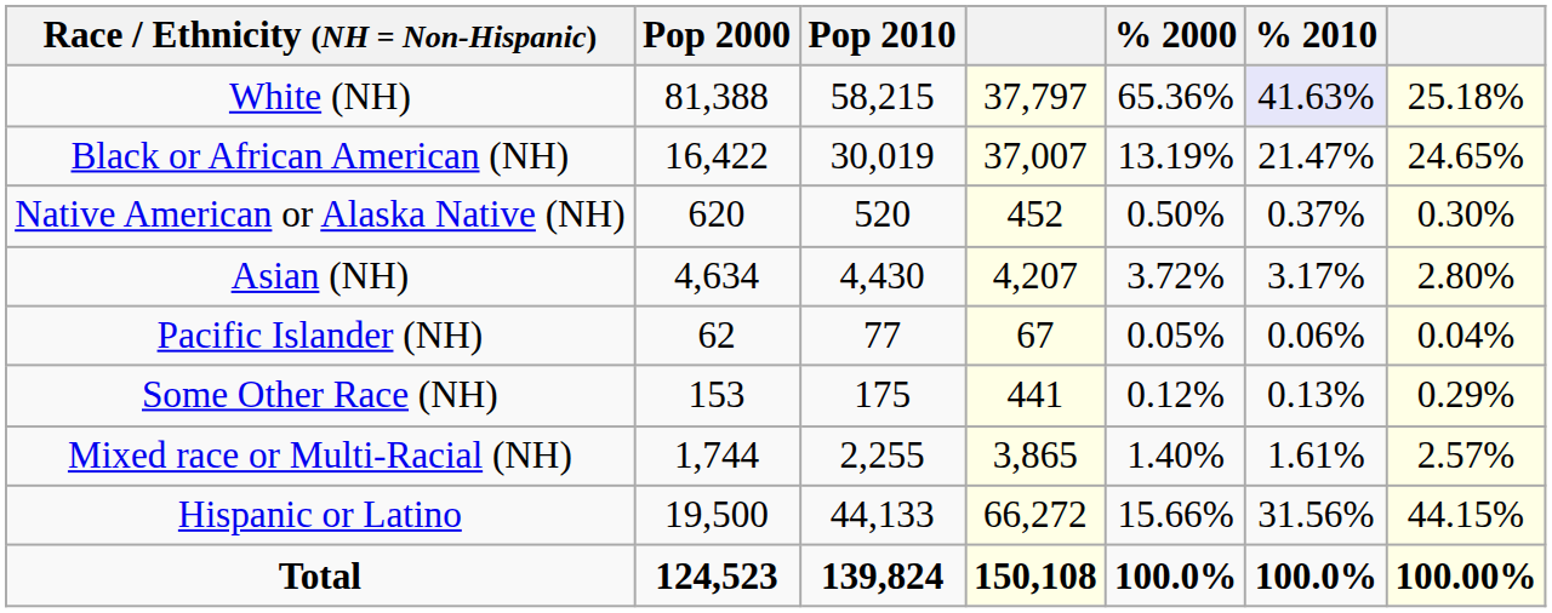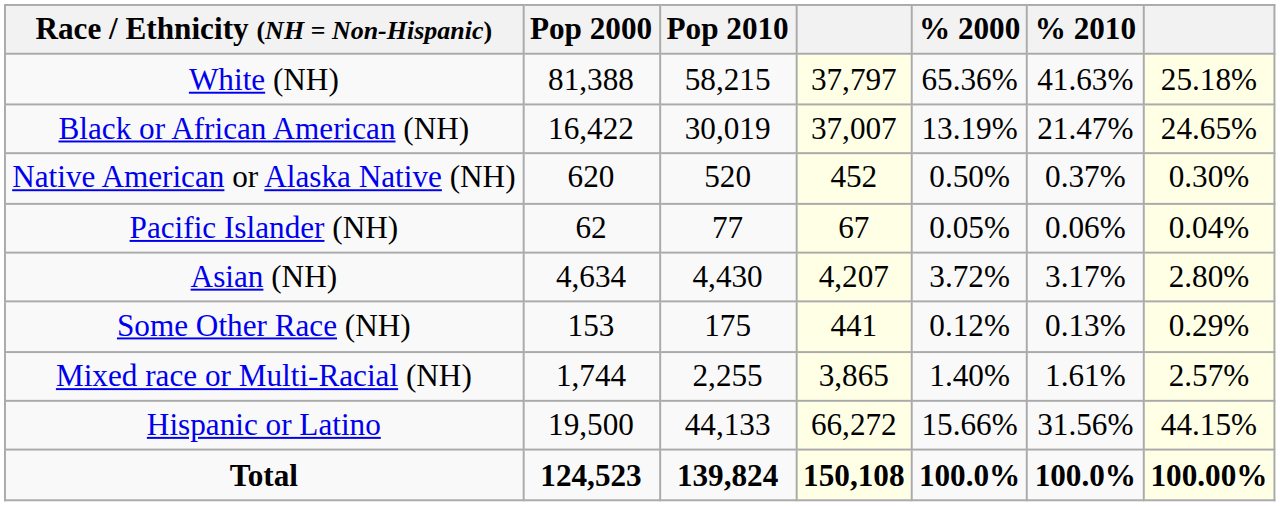 <table class="wikitable" style="text-align:center;">
 <tr>
 <th>Race / Ethnicity <small>(<em>NH = Non-Hispanic</em>)</small></th>
 <th>Pop 2000</th>
 <th>Pop 2010</th>
 <th></th>
 <th>% 2000</th>
 <th>% 2010</th>
 <th></th>
 </tr>
 <tr>
 <td><a href='#'>White</a> (NH)</td>
 <td>81,388</td>
 <td>58,215</td>
 <td style='background: #ffffe6;'>37,797</td>
 <td>65.36%</td>
-<td style="background: lavender;">41.63%</td>
+<td>41.63%</td>
 <td style='background: #ffffe6;'>25.18%</td>
 </tr>
 <tr>
 <td><a href='#'>Black or African American</a> (NH)</td>
 <td>16,422</td>
 <td>30,019</td>
 <td style='background: #ffffe6;'>37,007</td>
 <td>13.19%</td>
 <td>21.47%</td>
 <td style='background: #ffffe6;'>24.65%</td>
 </tr>
 <tr>
 <td><a href='#'>Native American</a> or <a href='#'>Alaska Native</a> (NH)</td>
 <td>620</td>
 <td>520</td>
 <td style='background: #ffffe6;'>452</td>
 <td>0.50%</td>
 <td>0.37%</td>
 <td style='background: #ffffe6;'>0.30%</td>
 </tr>
 <tr>
+<td><a href='#'>Pacific Islander</a> (NH)</td>
+<td>62</td>
+<td>77</td>
+<td style='background: #ffffe6;'>67</td>
+<td>0.05%</td>
+<td>0.06%</td>
+<td style='background: #ffffe6;'>0.04%</td>
+</tr>
+<tr>
 <td><a href='#'>Asian</a> (NH)</td>
 <td>4,634</td>
 <td>4,430</td>
 <td style='background: #ffffe6;'>4,207</td>
 <td>3.72%</td>
 <td>3.17%</td>
 <td style='background: #ffffe6;'>2.80%</td>
-</tr>
-<tr>
-<td><a href='#'>Pacific Islander</a> (NH)</td>
-<td>62</td>
-<td>77</td>
-<td style='background: #ffffe6;'>67</td>
-<td>0.05%</td>
-<td>0.06%</td>
-<td style='background: #ffffe6;'>0.04%</td>
 </tr>
 <tr>
 <td><a href='#'>Some Other Race</a> (NH)</td>
 <td>153</td>
 <td>175</td>
 <td style='background: #ffffe6;'>441</td>
 <td>0.12%</td>
 <td>0.13%</td>
 <td style='background: #ffffe6;'>0.29%</td>
 </tr>
 <tr>
 <td><a href='#'>Mixed race or Multi-Racial</a> (NH)</td>
 <td>1,744</td>
 <td>2,255</td>
 <td style='background: #ffffe6;'>3,865</td>
 <td>1.40%</td>
 <td>1.61%</td>
 <td style='background: #ffffe6;'>2.57%</td>
 </tr>
 <tr>
 <td><a href='#'>Hispanic or Latino</a></td>
 <td>19,500</td>
 <td>44,133</td>
 <td style='background: #ffffe6;'>66,272</td>
 <td>15.66%</td>
 <td>31.56%</td>
 <td style='background: #ffffe6;'>44.15%</td>
 </tr>
 <tr>
 <td><strong>Total</strong></td>
 <td><strong>124,523</strong></td>
 <td><strong>139,824</strong></td>
 <td style='background: #ffffe6;'><strong>150,108</strong></td>
 <td><strong>100.0%</strong></td>
 <td><strong>100.0%</strong></td>
 <td style='background: #ffffe6;'><strong>100.00%</strong></td>
 </tr>
 </table>
